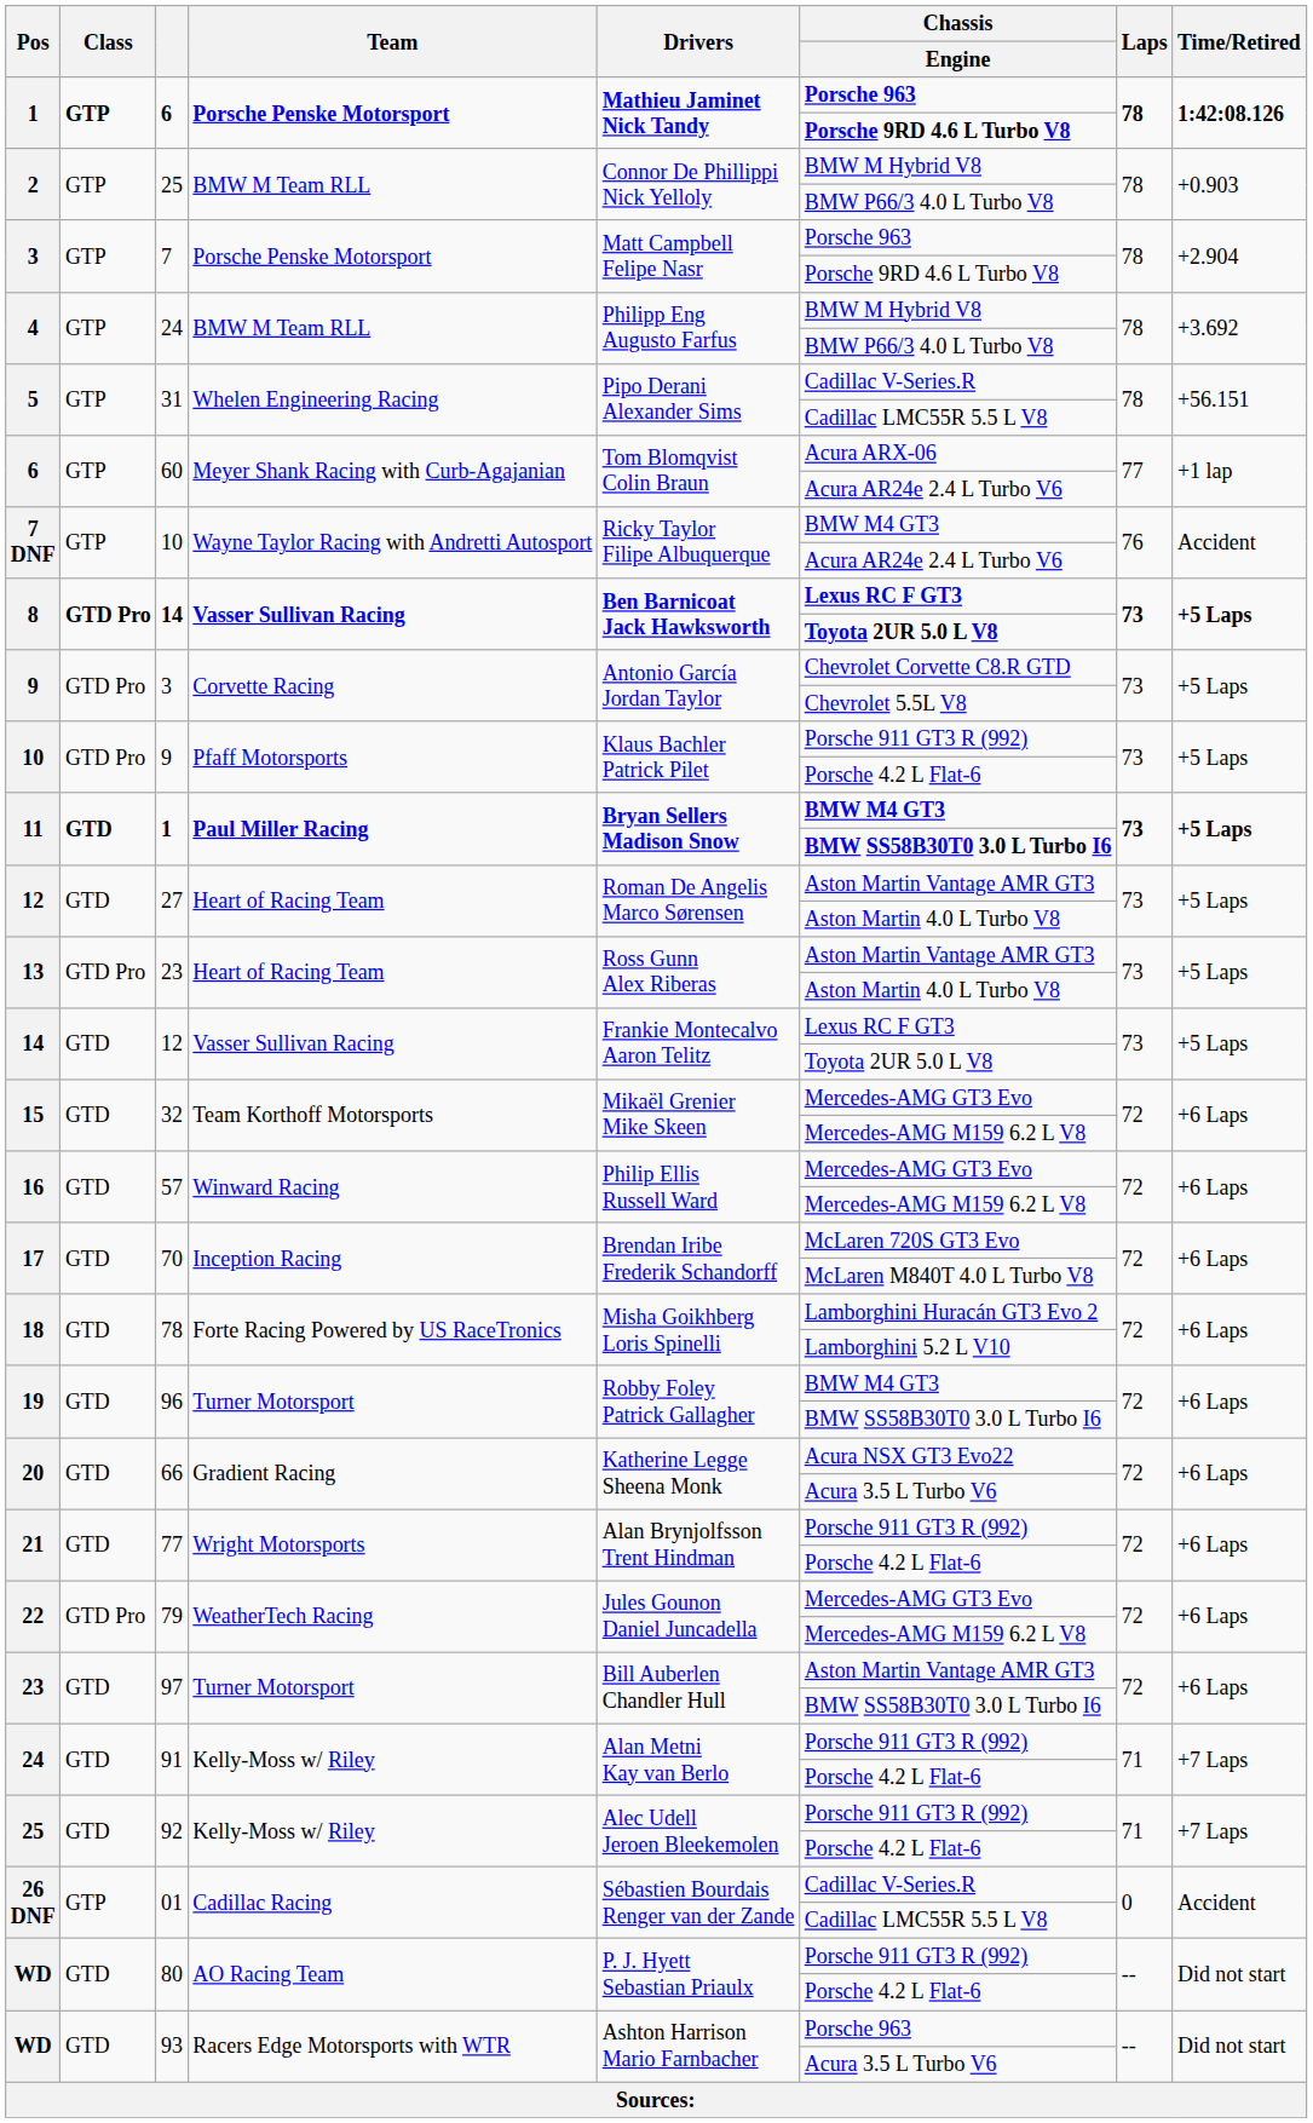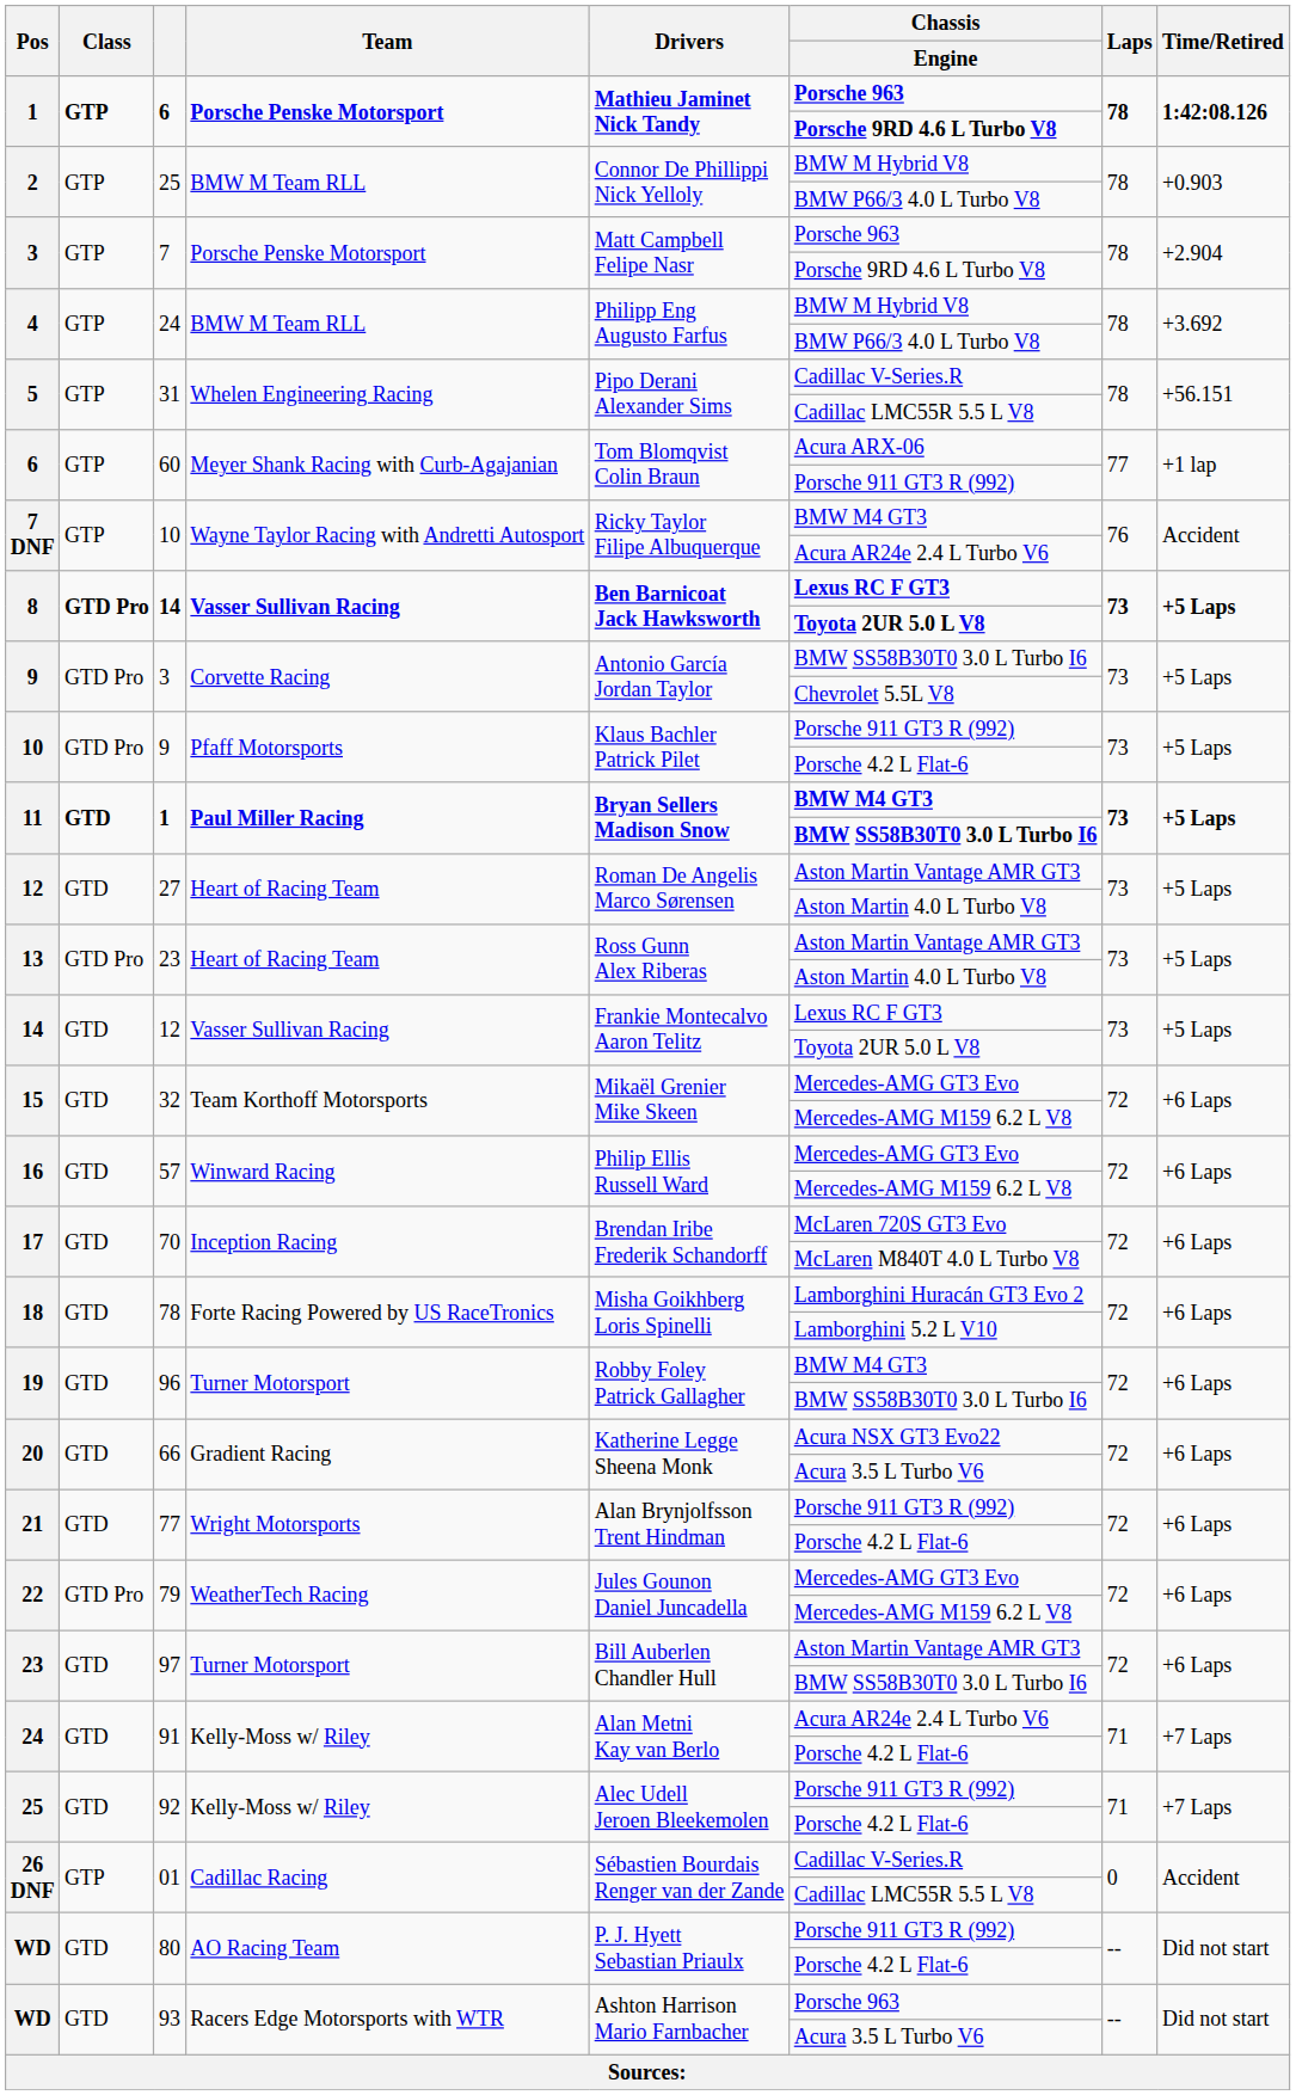 <table class="wikitable" style="font-size: 95%;">
 <tr>
 <th rowspan="2">Pos</th>
 <th rowspan="2">Class</th>
 <th rowspan="2"></th>
 <th rowspan="2">Team</th>
 <th rowspan="2">Drivers</th>
 <th>Chassis</th>
 <th rowspan="2">Laps</th>
 <th rowspan="2">Time/Retired</th>
 </tr>
 <tr>
 <th>Engine</th>
 </tr>
 <tr style="font-weight:bold">
 <th rowspan="2">1</th>
 <td rowspan="2">GTP</td>
 <td rowspan="2">6</td>
 <td rowspan="2"> <a href='#'>Porsche Penske Motorsport</a></td>
 <td rowspan="2"> <a href='#'>Mathieu Jaminet</a><br> <a href='#'>Nick Tandy</a></td>
 <td><a href='#'>Porsche 963</a></td>
 <td rowspan="2">78</td>
 <td rowspan="2">1:42:08.126</td>
 </tr>
 <tr style="font-weight:bold">
 <td><a href='#'>Porsche</a> 9RD 4.6 L Turbo <a href='#'>V8</a></td>
 </tr>
 <tr>
 <th rowspan="2">2</th>
 <td rowspan="2">GTP</td>
 <td rowspan="2">25</td>
 <td rowspan="2"> <a href='#'>BMW M Team RLL</a></td>
 <td rowspan="2"> <a href='#'>Connor De Phillippi</a><br> <a href='#'>Nick Yelloly</a></td>
 <td><a href='#'>BMW M Hybrid V8</a></td>
 <td rowspan="2">78</td>
 <td rowspan="2">+0.903</td>
 </tr>
 <tr>
 <td><a href='#'>BMW P66/3</a> 4.0 L Turbo <a href='#'>V8</a></td>
 </tr>
 <tr>
 <th rowspan="2">3</th>
 <td rowspan="2">GTP</td>
 <td rowspan="2">7</td>
 <td rowspan="2"> <a href='#'>Porsche Penske Motorsport</a></td>
 <td rowspan="2"> <a href='#'>Matt Campbell</a><br> <a href='#'>Felipe Nasr</a></td>
 <td><a href='#'>Porsche 963</a></td>
 <td rowspan="2">78</td>
 <td rowspan="2">+2.904</td>
 </tr>
 <tr>
 <td><a href='#'>Porsche</a> 9RD 4.6 L Turbo <a href='#'>V8</a></td>
 </tr>
 <tr>
 <th rowspan="2">4</th>
 <td rowspan="2">GTP</td>
 <td rowspan="2">24</td>
 <td rowspan="2"> <a href='#'>BMW M Team RLL</a></td>
 <td rowspan="2"> <a href='#'>Philipp Eng</a><br> <a href='#'>Augusto Farfus</a></td>
 <td><a href='#'>BMW M Hybrid V8</a></td>
 <td rowspan="2">78</td>
 <td rowspan="2">+3.692</td>
 </tr>
 <tr>
 <td><a href='#'>BMW P66/3</a> 4.0 L Turbo <a href='#'>V8</a></td>
 </tr>
 <tr>
 <th rowspan="2">5</th>
 <td rowspan="2">GTP</td>
 <td rowspan="2">31</td>
 <td rowspan="2"> <a href='#'>Whelen Engineering Racing</a></td>
 <td rowspan="2"> <a href='#'>Pipo Derani</a><br> <a href='#'>Alexander Sims</a></td>
 <td><a href='#'>Cadillac V-Series.R</a></td>
 <td rowspan="2">78</td>
 <td rowspan="2">+56.151</td>
 </tr>
 <tr>
 <td><a href='#'>Cadillac</a> LMC55R 5.5 L <a href='#'>V8</a></td>
 </tr>
 <tr>
 <th rowspan="2">6</th>
 <td rowspan="2">GTP</td>
 <td rowspan="2">60</td>
 <td rowspan="2"> <a href='#'>Meyer Shank Racing</a> with <a href='#'>Curb-Agajanian</a></td>
 <td rowspan="2"> <a href='#'>Tom Blomqvist</a><br> <a href='#'>Colin Braun</a></td>
 <td><a href='#'>Acura ARX-06</a></td>
 <td rowspan="2">77</td>
 <td rowspan="2">+1 lap</td>
 </tr>
 <tr>
-<td><a href='#'>Acura AR24e</a> 2.4 L Turbo <a href='#'>V6</a></td>
+<td><a href='#'>Porsche 911 GT3 R (992)</a></td>
 </tr>
 <tr>
 <th rowspan="2">7<br>DNF</th>
 <td rowspan="2">GTP</td>
 <td rowspan="2">10</td>
 <td rowspan="2"> <a href='#'>Wayne Taylor Racing</a> with <a href='#'>Andretti Autosport</a></td>
 <td rowspan="2"> <a href='#'>Ricky Taylor</a><br> <a href='#'>Filipe Albuquerque</a></td>
 <td><a href='#'>BMW M4 GT3</a></td>
 <td rowspan="2">76</td>
 <td rowspan="2">Accident</td>
 </tr>
 <tr>
 <td><a href='#'>Acura AR24e</a> 2.4 L Turbo <a href='#'>V6</a></td>
 </tr>
 <tr style="font-weight:bold">
 <th rowspan="2">8</th>
 <td rowspan="2">GTD Pro</td>
 <td rowspan="2">14</td>
 <td rowspan="2"> <a href='#'>Vasser Sullivan Racing</a></td>
 <td rowspan="2"> <a href='#'>Ben Barnicoat</a><br> <a href='#'>Jack Hawksworth</a></td>
 <td><a href='#'>Lexus RC F GT3</a></td>
 <td rowspan="2">73</td>
 <td rowspan="2">+5 Laps</td>
 </tr>
 <tr style="font-weight:bold">
 <td><a href='#'>Toyota</a> 2UR 5.0 L <a href='#'>V8</a></td>
 </tr>
 <tr>
 <th rowspan="2">9</th>
 <td rowspan="2">GTD Pro</td>
 <td rowspan="2">3</td>
 <td rowspan="2"> <a href='#'>Corvette Racing</a></td>
 <td rowspan="2"> <a href='#'>Antonio García</a><br> <a href='#'>Jordan Taylor</a></td>
-<td><a href='#'>Chevrolet Corvette C8.R GTD</a></td>
+<td><a href='#'>BMW</a> <a href='#'>SS58B30T0</a> 3.0 L Turbo <a href='#'>I6</a></td>
 <td rowspan="2">73</td>
 <td rowspan="2">+5 Laps</td>
 </tr>
 <tr>
 <td><a href='#'>Chevrolet</a> 5.5L <a href='#'>V8</a></td>
 </tr>
 <tr>
 <th rowspan="2">10</th>
 <td rowspan="2">GTD Pro</td>
 <td rowspan="2">9</td>
 <td rowspan="2"> <a href='#'>Pfaff Motorsports</a></td>
 <td rowspan="2"> <a href='#'>Klaus Bachler</a><br> <a href='#'>Patrick Pilet</a></td>
 <td><a href='#'>Porsche 911 GT3 R (992)</a></td>
 <td rowspan="2">73</td>
 <td rowspan="2">+5 Laps</td>
 </tr>
 <tr>
 <td><a href='#'>Porsche</a> 4.2 L <a href='#'>Flat-6</a></td>
 </tr>
 <tr style="font-weight:bold">
 <th rowspan="2">11</th>
 <td rowspan="2">GTD</td>
 <td rowspan="2">1</td>
 <td rowspan="2"> <a href='#'>Paul Miller Racing</a></td>
 <td rowspan="2"> <a href='#'>Bryan Sellers</a><br> <a href='#'>Madison Snow</a></td>
 <td><a href='#'>BMW M4 GT3</a></td>
 <td rowspan="2">73</td>
 <td rowspan="2">+5 Laps</td>
 </tr>
 <tr style="font-weight:bold">
 <td><a href='#'>BMW</a> <a href='#'>SS58B30T0</a> 3.0 L Turbo <a href='#'>I6</a></td>
 </tr>
 <tr>
 <th rowspan="2">12</th>
 <td rowspan="2">GTD</td>
 <td rowspan="2">27</td>
 <td rowspan="2"> <a href='#'>Heart of Racing Team</a></td>
 <td rowspan="2"> <a href='#'>Roman De Angelis</a><br> <a href='#'>Marco Sørensen</a></td>
 <td><a href='#'>Aston Martin Vantage AMR GT3</a></td>
 <td rowspan="2">73</td>
 <td rowspan="2">+5 Laps</td>
 </tr>
 <tr>
 <td><a href='#'>Aston Martin</a> 4.0 L Turbo <a href='#'>V8</a></td>
 </tr>
 <tr>
 <th rowspan="2">13</th>
 <td rowspan="2">GTD Pro</td>
 <td rowspan="2">23</td>
 <td rowspan="2"> <a href='#'>Heart of Racing Team</a></td>
 <td rowspan="2"> <a href='#'>Ross Gunn</a><br> <a href='#'>Alex Riberas</a></td>
 <td><a href='#'>Aston Martin Vantage AMR GT3</a></td>
 <td rowspan="2">73</td>
 <td rowspan="2">+5 Laps</td>
 </tr>
 <tr>
 <td><a href='#'>Aston Martin</a> 4.0 L Turbo <a href='#'>V8</a></td>
 </tr>
 <tr>
 <th rowspan="2">14</th>
 <td rowspan="2">GTD</td>
 <td rowspan="2">12</td>
 <td rowspan="2"> <a href='#'>Vasser Sullivan Racing</a></td>
 <td rowspan="2"> <a href='#'>Frankie Montecalvo</a><br> <a href='#'>Aaron Telitz</a></td>
 <td><a href='#'>Lexus RC F GT3</a></td>
 <td rowspan="2">73</td>
 <td rowspan="2">+5 Laps</td>
 </tr>
 <tr>
 <td><a href='#'>Toyota</a> 2UR 5.0 L <a href='#'>V8</a></td>
 </tr>
 <tr>
 <th rowspan="2">15</th>
 <td rowspan="2">GTD</td>
 <td rowspan="2">32</td>
 <td rowspan="2"> Team Korthoff Motorsports</td>
 <td rowspan="2"> <a href='#'>Mikaël Grenier</a><br> <a href='#'>Mike Skeen</a></td>
 <td><a href='#'>Mercedes-AMG GT3 Evo</a></td>
 <td rowspan="2">72</td>
 <td rowspan="2">+6 Laps</td>
 </tr>
 <tr>
 <td><a href='#'>Mercedes-AMG M159</a> 6.2 L <a href='#'>V8</a></td>
 </tr>
 <tr>
 <th rowspan="2">16</th>
 <td rowspan="2">GTD</td>
 <td rowspan="2">57</td>
 <td rowspan="2"> <a href='#'>Winward Racing</a></td>
 <td rowspan="2"> <a href='#'>Philip Ellis</a><br> <a href='#'>Russell Ward</a></td>
 <td><a href='#'>Mercedes-AMG GT3 Evo</a></td>
 <td rowspan="2">72</td>
 <td rowspan="2">+6 Laps</td>
 </tr>
 <tr>
 <td><a href='#'>Mercedes-AMG M159</a> 6.2 L <a href='#'>V8</a></td>
 </tr>
 <tr>
 <th rowspan="2">17</th>
 <td rowspan="2">GTD</td>
 <td rowspan="2">70</td>
 <td rowspan="2"> <a href='#'>Inception Racing</a></td>
 <td rowspan="2"> <a href='#'>Brendan Iribe</a><br> <a href='#'>Frederik Schandorff</a></td>
 <td><a href='#'>McLaren 720S GT3 Evo</a></td>
 <td rowspan="2">72</td>
 <td rowspan="2">+6 Laps</td>
 </tr>
 <tr>
 <td><a href='#'>McLaren</a> M840T 4.0 L Turbo <a href='#'>V8</a></td>
 </tr>
 <tr>
 <th rowspan="2">18</th>
 <td rowspan="2">GTD</td>
 <td rowspan="2">78</td>
 <td rowspan="2"> Forte Racing Powered by <a href='#'>US RaceTronics</a></td>
 <td rowspan="2"> <a href='#'>Misha Goikhberg</a><br> <a href='#'>Loris Spinelli</a></td>
 <td><a href='#'>Lamborghini Huracán GT3 Evo 2</a></td>
 <td rowspan="2">72</td>
 <td rowspan="2">+6 Laps</td>
 </tr>
 <tr>
 <td><a href='#'>Lamborghini</a> 5.2 L <a href='#'>V10</a></td>
 </tr>
 <tr>
 <th rowspan="2">19</th>
 <td rowspan="2">GTD</td>
 <td rowspan="2">96</td>
 <td rowspan="2"> <a href='#'>Turner Motorsport</a></td>
 <td rowspan="2"> <a href='#'>Robby Foley</a><br> <a href='#'>Patrick Gallagher</a></td>
 <td><a href='#'>BMW M4 GT3</a></td>
 <td rowspan="2">72</td>
 <td rowspan="2">+6 Laps</td>
 </tr>
 <tr>
 <td><a href='#'>BMW</a> <a href='#'>SS58B30T0</a> 3.0 L Turbo <a href='#'>I6</a></td>
 </tr>
 <tr>
 <th rowspan="2">20</th>
 <td rowspan="2">GTD</td>
 <td rowspan="2">66</td>
 <td rowspan="2"> Gradient Racing</td>
 <td rowspan="2"> <a href='#'>Katherine Legge</a><br> Sheena Monk</td>
 <td><a href='#'>Acura NSX GT3 Evo22</a></td>
 <td rowspan="2">72</td>
 <td rowspan="2">+6 Laps</td>
 </tr>
 <tr>
 <td><a href='#'>Acura</a> 3.5 L Turbo <a href='#'>V6</a></td>
 </tr>
 <tr>
 <th rowspan="2">21</th>
 <td rowspan="2">GTD</td>
 <td rowspan="2">77</td>
 <td rowspan="2"> <a href='#'>Wright Motorsports</a></td>
 <td rowspan="2"> Alan Brynjolfsson<br> <a href='#'>Trent Hindman</a></td>
 <td><a href='#'>Porsche 911 GT3 R (992)</a></td>
 <td rowspan="2">72</td>
 <td rowspan="2">+6 Laps</td>
 </tr>
 <tr>
 <td><a href='#'>Porsche</a> 4.2 L <a href='#'>Flat-6</a></td>
 </tr>
 <tr>
 <th rowspan="2">22</th>
 <td rowspan="2">GTD Pro</td>
 <td rowspan="2">79</td>
 <td rowspan="2"> <a href='#'>WeatherTech Racing</a></td>
 <td rowspan="2"> <a href='#'>Jules Gounon</a><br> <a href='#'>Daniel Juncadella</a></td>
 <td><a href='#'>Mercedes-AMG GT3 Evo</a></td>
 <td rowspan="2">72</td>
 <td rowspan="2">+6 Laps</td>
 </tr>
 <tr>
 <td><a href='#'>Mercedes-AMG M159</a> 6.2 L <a href='#'>V8</a></td>
 </tr>
 <tr>
 <th rowspan="2">23</th>
 <td rowspan="2">GTD</td>
 <td rowspan="2">97</td>
 <td rowspan="2"> <a href='#'>Turner Motorsport</a></td>
 <td rowspan="2"> <a href='#'>Bill Auberlen</a><br> Chandler Hull</td>
 <td><a href='#'>Aston Martin Vantage AMR GT3</a></td>
 <td rowspan="2">72</td>
 <td rowspan="2">+6 Laps</td>
 </tr>
 <tr>
 <td><a href='#'>BMW</a> <a href='#'>SS58B30T0</a> 3.0 L Turbo <a href='#'>I6</a></td>
 </tr>
 <tr>
 <th rowspan="2">24</th>
 <td rowspan="2">GTD</td>
 <td rowspan="2">91</td>
 <td rowspan="2"> Kelly-Moss w/ <a href='#'>Riley</a></td>
 <td rowspan="2"> <a href='#'>Alan Metni</a><br> <a href='#'>Kay van Berlo</a></td>
-<td><a href='#'>Porsche 911 GT3 R (992)</a></td>
+<td><a href='#'>Acura AR24e</a> 2.4 L Turbo <a href='#'>V6</a></td>
 <td rowspan="2">71</td>
 <td rowspan="2">+7 Laps</td>
 </tr>
 <tr>
 <td><a href='#'>Porsche</a> 4.2 L <a href='#'>Flat-6</a></td>
 </tr>
 <tr>
 <th rowspan="2">25</th>
 <td rowspan="2">GTD</td>
 <td rowspan="2">92</td>
 <td rowspan="2"> Kelly-Moss w/ <a href='#'>Riley</a></td>
 <td rowspan="2"> <a href='#'>Alec Udell</a><br> <a href='#'>Jeroen Bleekemolen</a></td>
 <td><a href='#'>Porsche 911 GT3 R (992)</a></td>
 <td rowspan="2">71</td>
 <td rowspan="2">+7 Laps</td>
 </tr>
 <tr>
 <td><a href='#'>Porsche</a> 4.2 L <a href='#'>Flat-6</a></td>
 </tr>
 <tr>
 <th rowspan="2">26<br>DNF</th>
 <td rowspan="2">GTP</td>
 <td rowspan="2">01</td>
 <td rowspan="2"> <a href='#'>Cadillac Racing</a></td>
 <td rowspan="2"> <a href='#'>Sébastien Bourdais</a><br> <a href='#'>Renger van der Zande</a></td>
 <td><a href='#'>Cadillac V-Series.R</a></td>
 <td rowspan="2">0</td>
 <td rowspan="2">Accident</td>
 </tr>
 <tr>
 <td><a href='#'>Cadillac</a> LMC55R 5.5 L <a href='#'>V8</a></td>
 </tr>
 <tr>
 <th rowspan="2">WD</th>
 <td rowspan="2">GTD</td>
 <td rowspan="2">80</td>
 <td rowspan="2"> <a href='#'>AO Racing Team</a></td>
 <td rowspan="2">  <a href='#'>P. J. Hyett</a><br> <a href='#'>Sebastian Priaulx</a></td>
 <td><a href='#'>Porsche 911 GT3 R (992)</a></td>
 <td rowspan="2">--</td>
 <td rowspan="2">Did not start</td>
 </tr>
 <tr>
 <td><a href='#'>Porsche</a> 4.2 L <a href='#'>Flat-6</a></td>
 </tr>
 <tr>
 <th rowspan="2">WD</th>
 <td rowspan="2">GTD</td>
 <td rowspan="2">93</td>
 <td rowspan="2"> Racers Edge Motorsports with <a href='#'>WTR</a></td>
 <td rowspan="2"> Ashton Harrison<br> <a href='#'>Mario Farnbacher</a></td>
 <td><a href='#'>Porsche 963</a></td>
 <td rowspan="2">--</td>
 <td rowspan="2">Did not start</td>
 </tr>
 <tr>
 <td><a href='#'>Acura</a> 3.5 L Turbo <a href='#'>V6</a></td>
 </tr>
 <tr>
 <th colspan="8" align="center">Sources:</th>
 </tr>
 </table>
